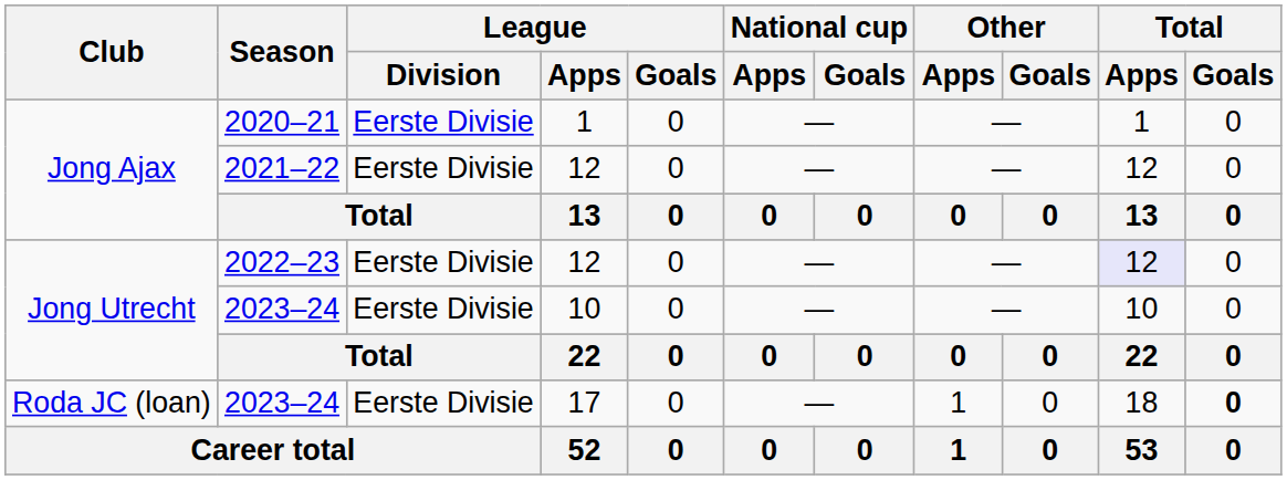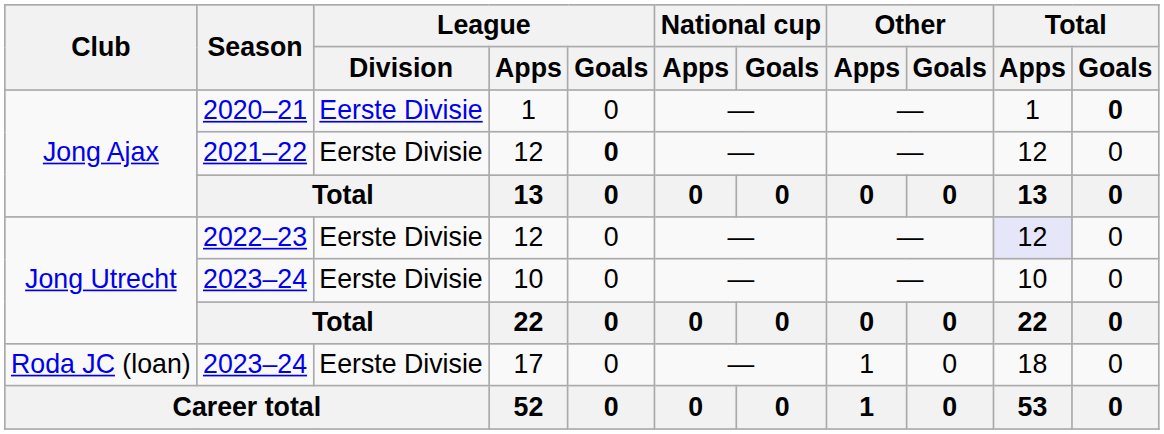 <table class="wikitable" style="text-align: center">
 <tr>
 <th rowspan="2">Club</th>
 <th rowspan="2">Season</th>
 <th colspan="3">League</th>
 <th colspan="2">National cup</th>
 <th colspan="2">Other</th>
 <th colspan="2">Total</th>
 </tr>
 <tr>
 <th>Division</th>
 <th>Apps</th>
 <th>Goals</th>
 <th>Apps</th>
 <th>Goals</th>
 <th>Apps</th>
 <th>Goals</th>
 <th>Apps</th>
 <th>Goals</th>
 </tr>
 <tr>
 <td rowspan="3"><a href='#'>Jong Ajax</a></td>
 <td><a href='#'>2020–21</a></td>
 <td><a href='#'>Eerste Divisie</a></td>
 <td>1</td>
 <td>0</td>
 <td colspan="2">—</td>
 <td colspan="2">—</td>
 <td>1</td>
-<td>0</td>
+<td><strong>0</strong></td>
 </tr>
 <tr>
 <td><a href='#'>2021–22</a></td>
 <td>Eerste Divisie</td>
 <td>12</td>
-<td>0</td>
+<td><strong>0</strong></td>
 <td colspan="2">—</td>
 <td colspan="2">—</td>
 <td>12</td>
 <td>0</td>
 </tr>
 <tr>
 <th colspan="2">Total</th>
 <th>13</th>
 <th>0</th>
 <th>0</th>
 <th>0</th>
 <th>0</th>
 <th>0</th>
 <th>13</th>
 <th>0</th>
 </tr>
 <tr>
 <td rowspan="3"><a href='#'>Jong Utrecht</a></td>
 <td><a href='#'>2022–23</a></td>
 <td>Eerste Divisie</td>
 <td>12</td>
 <td>0</td>
 <td colspan="2">—</td>
 <td colspan="2">—</td>
 <td style="background: lavender;">12</td>
 <td>0</td>
 </tr>
 <tr>
 <td><a href='#'>2023–24</a></td>
 <td>Eerste Divisie</td>
 <td>10</td>
 <td>0</td>
 <td colspan="2">—</td>
 <td colspan="2">—</td>
 <td>10</td>
 <td>0</td>
 </tr>
 <tr>
 <th colspan="2">Total</th>
 <th>22</th>
 <th>0</th>
 <th>0</th>
 <th>0</th>
 <th>0</th>
 <th>0</th>
 <th>22</th>
 <th>0</th>
 </tr>
 <tr>
 <td><a href='#'>Roda JC</a> (loan)</td>
 <td><a href='#'>2023–24</a></td>
 <td>Eerste Divisie</td>
 <td>17</td>
 <td>0</td>
 <td colspan="2">—</td>
 <td>1</td>
 <td>0</td>
 <td>18</td>
-<td><strong>0</strong></td>
+<td>0</td>
 </tr>
 <tr>
 <th colspan="3">Career total</th>
 <th>52</th>
 <th>0</th>
 <th>0</th>
 <th>0</th>
 <th>1</th>
 <th>0</th>
 <th>53</th>
 <th>0</th>
 </tr>
 </table>
